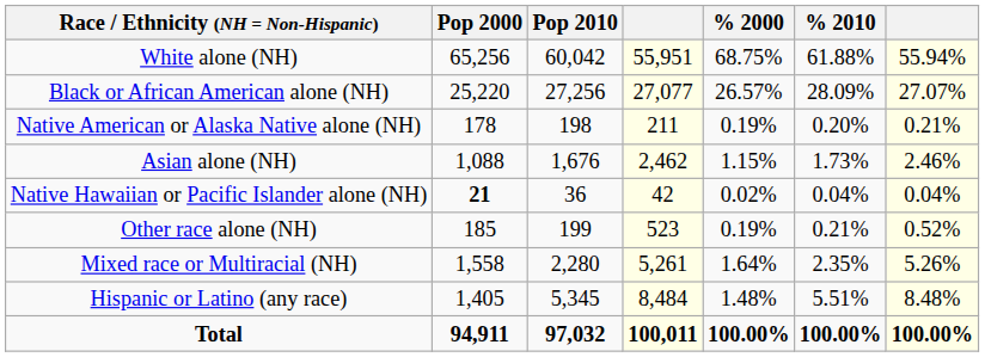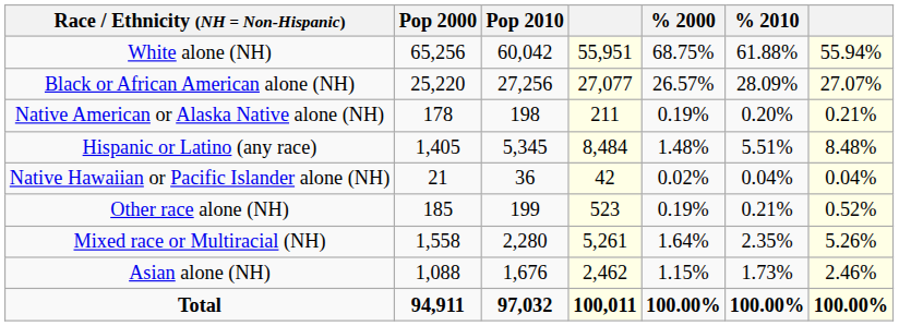 <table class="wikitable" style="text-align:center;">
 <tr>
 <th>Race / Ethnicity <small>(<em>NH = Non-Hispanic</em>)</small></th>
 <th>Pop 2000</th>
 <th>Pop 2010</th>
 <th></th>
 <th>% 2000</th>
 <th>% 2010</th>
 <th></th>
 </tr>
 <tr>
 <td><a href='#'>White</a> alone (NH)</td>
 <td>65,256</td>
 <td>60,042</td>
 <td style='background: #ffffe6;'>55,951</td>
 <td>68.75%</td>
 <td>61.88%</td>
 <td style='background: #ffffe6;'>55.94%</td>
 </tr>
 <tr>
 <td><a href='#'>Black or African American</a> alone (NH)</td>
 <td>25,220</td>
 <td>27,256</td>
 <td style='background: #ffffe6;'>27,077</td>
 <td>26.57%</td>
 <td>28.09%</td>
 <td style='background: #ffffe6;'>27.07%</td>
 </tr>
 <tr>
 <td><a href='#'>Native American</a> or <a href='#'>Alaska Native</a> alone (NH)</td>
 <td>178</td>
 <td>198</td>
 <td style='background: #ffffe6;'>211</td>
 <td>0.19%</td>
 <td>0.20%</td>
 <td style='background: #ffffe6;'>0.21%</td>
 </tr>
 <tr>
-<td><a href='#'>Asian</a> alone (NH)</td>
-<td>1,088</td>
-<td>1,676</td>
-<td style='background: #ffffe6;'>2,462</td>
-<td>1.15%</td>
-<td>1.73%</td>
-<td style='background: #ffffe6;'>2.46%</td>
+<td><a href='#'>Hispanic or Latino</a> (any race)</td>
+<td>1,405</td>
+<td>5,345</td>
+<td style='background: #ffffe6;'>8,484</td>
+<td>1.48%</td>
+<td>5.51%</td>
+<td style='background: #ffffe6;'>8.48%</td>
 </tr>
 <tr>
 <td><a href='#'>Native Hawaiian</a> or <a href='#'>Pacific Islander</a> alone (NH)</td>
-<td><strong>21</strong></td>
+<td>21</td>
 <td>36</td>
 <td style='background: #ffffe6;'>42</td>
 <td>0.02%</td>
 <td>0.04%</td>
 <td style='background: #ffffe6;'>0.04%</td>
 </tr>
 <tr>
 <td><a href='#'>Other race</a> alone (NH)</td>
 <td>185</td>
 <td>199</td>
 <td style='background: #ffffe6;'>523</td>
 <td>0.19%</td>
 <td>0.21%</td>
 <td style='background: #ffffe6;'>0.52%</td>
 </tr>
 <tr>
 <td><a href='#'>Mixed race or Multiracial</a> (NH)</td>
 <td>1,558</td>
 <td>2,280</td>
 <td style='background: #ffffe6;'>5,261</td>
 <td>1.64%</td>
 <td>2.35%</td>
 <td style='background: #ffffe6;'>5.26%</td>
 </tr>
 <tr>
-<td><a href='#'>Hispanic or Latino</a> (any race)</td>
-<td>1,405</td>
-<td>5,345</td>
-<td style='background: #ffffe6;'>8,484</td>
-<td>1.48%</td>
-<td>5.51%</td>
-<td style='background: #ffffe6;'>8.48%</td>
+<td><a href='#'>Asian</a> alone (NH)</td>
+<td>1,088</td>
+<td>1,676</td>
+<td style='background: #ffffe6;'>2,462</td>
+<td>1.15%</td>
+<td>1.73%</td>
+<td style='background: #ffffe6;'>2.46%</td>
 </tr>
 <tr>
 <td><strong>Total</strong></td>
 <td><strong>94,911</strong></td>
 <td><strong>97,032</strong></td>
 <td style='background: #ffffe6;'><strong>100,011</strong></td>
 <td><strong>100.00%</strong></td>
 <td><strong>100.00%</strong></td>
 <td style='background: #ffffe6;'><strong>100.00%</strong></td>
 </tr>
 </table>
